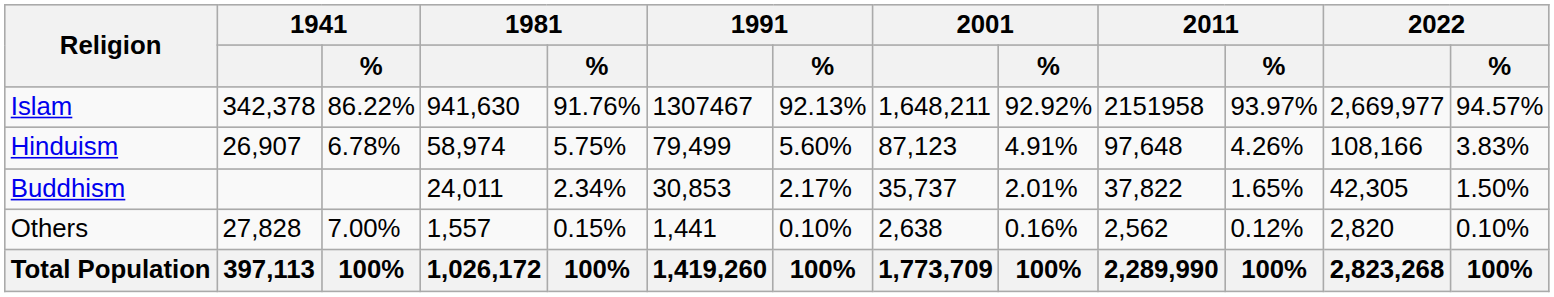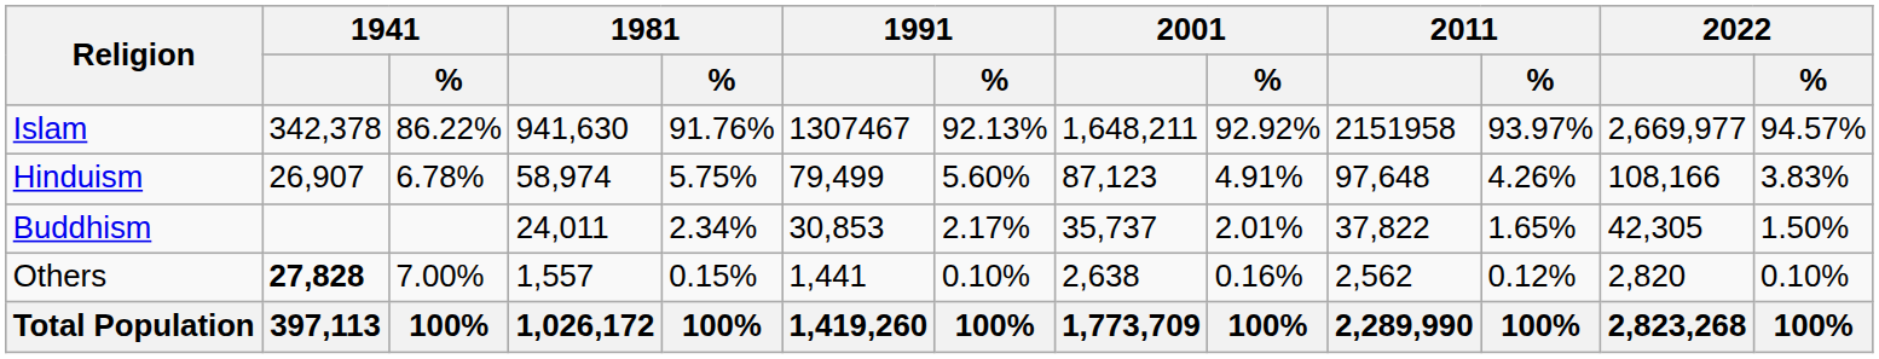 <table class="wikitable sortable">
 <tr>
 <th rowspan="2">Religion</th>
 <th colspan="2">1941</th>
 <th colspan="2">1981</th>
 <th colspan="2">1991</th>
 <th colspan="2">2001</th>
 <th colspan="2">2011</th>
 <th colspan="2">2022</th>
 </tr>
 <tr>
 <th></th>
 <th>%</th>
 <th></th>
 <th>%</th>
 <th></th>
 <th>%</th>
 <th></th>
 <th>%</th>
 <th></th>
 <th>%</th>
 <th></th>
 <th>%</th>
 </tr>
 <tr>
 <td><a href='#'>Islam</a> </td>
 <td>342,378</td>
 <td>86.22%</td>
 <td>941,630</td>
 <td>91.76%</td>
 <td>1307467</td>
 <td>92.13%</td>
 <td>1,648,211</td>
 <td>92.92%</td>
 <td>2151958</td>
 <td>93.97%</td>
 <td>2,669,977</td>
 <td>94.57%</td>
 </tr>
 <tr>
 <td><a href='#'>Hinduism</a> </td>
 <td>26,907</td>
 <td>6.78%</td>
 <td>58,974</td>
 <td>5.75%</td>
 <td>79,499</td>
 <td>5.60%</td>
 <td>87,123</td>
 <td>4.91%</td>
 <td>97,648</td>
 <td>4.26%</td>
 <td>108,166</td>
 <td>3.83%</td>
 </tr>
 <tr>
 <td><a href='#'>Buddhism</a> </td>
 <td></td>
 <td></td>
 <td>24,011</td>
 <td>2.34%</td>
 <td>30,853</td>
 <td>2.17%</td>
 <td>35,737</td>
 <td>2.01%</td>
 <td>37,822</td>
 <td>1.65%</td>
 <td>42,305</td>
 <td>1.50%</td>
 </tr>
 <tr>
 <td>Others </td>
-<td>27,828</td>
+<td><strong>27,828</strong></td>
 <td>7.00%</td>
 <td>1,557</td>
 <td>0.15%</td>
 <td>1,441</td>
 <td>0.10%</td>
 <td>2,638</td>
 <td>0.16%</td>
 <td>2,562</td>
 <td>0.12%</td>
 <td>2,820</td>
 <td>0.10%</td>
 </tr>
 <tr>
 <th>Total Population</th>
 <th>397,113</th>
 <th>100%</th>
 <th>1,026,172</th>
 <th>100%</th>
 <th>1,419,260</th>
 <th>100%</th>
 <th>1,773,709</th>
 <th>100%</th>
 <th>2,289,990</th>
 <th>100%</th>
 <th>2,823,268</th>
 <th>100%</th>
 </tr>
 </table>
